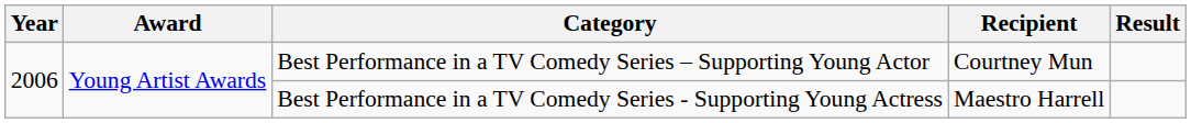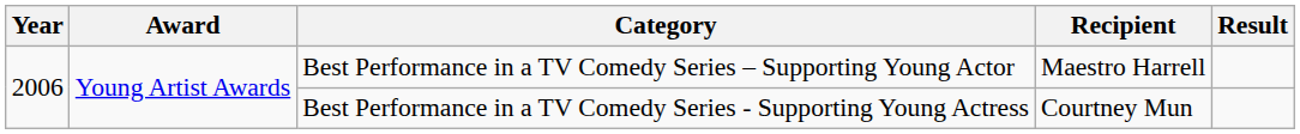 <table class="wikitable">
 <tr>
 <th>Year</th>
 <th>Award</th>
 <th>Category</th>
 <th>Recipient</th>
 <th>Result</th>
 </tr>
 <tr>
 <td rowspan=2>2006</td>
 <td rowspan=2><a href='#'>Young Artist Awards</a></td>
 <td>Best Performance in a TV Comedy Series – Supporting Young Actor</td>
-<td>Courtney Mun</td>
+<td>Maestro Harrell</td>
 <td></td>
 </tr>
 <tr>
 <td>Best Performance in a TV Comedy Series - Supporting Young Actress</td>
-<td>Maestro Harrell</td>
+<td>Courtney Mun</td>
 <td></td>
 </tr>
 </table>
